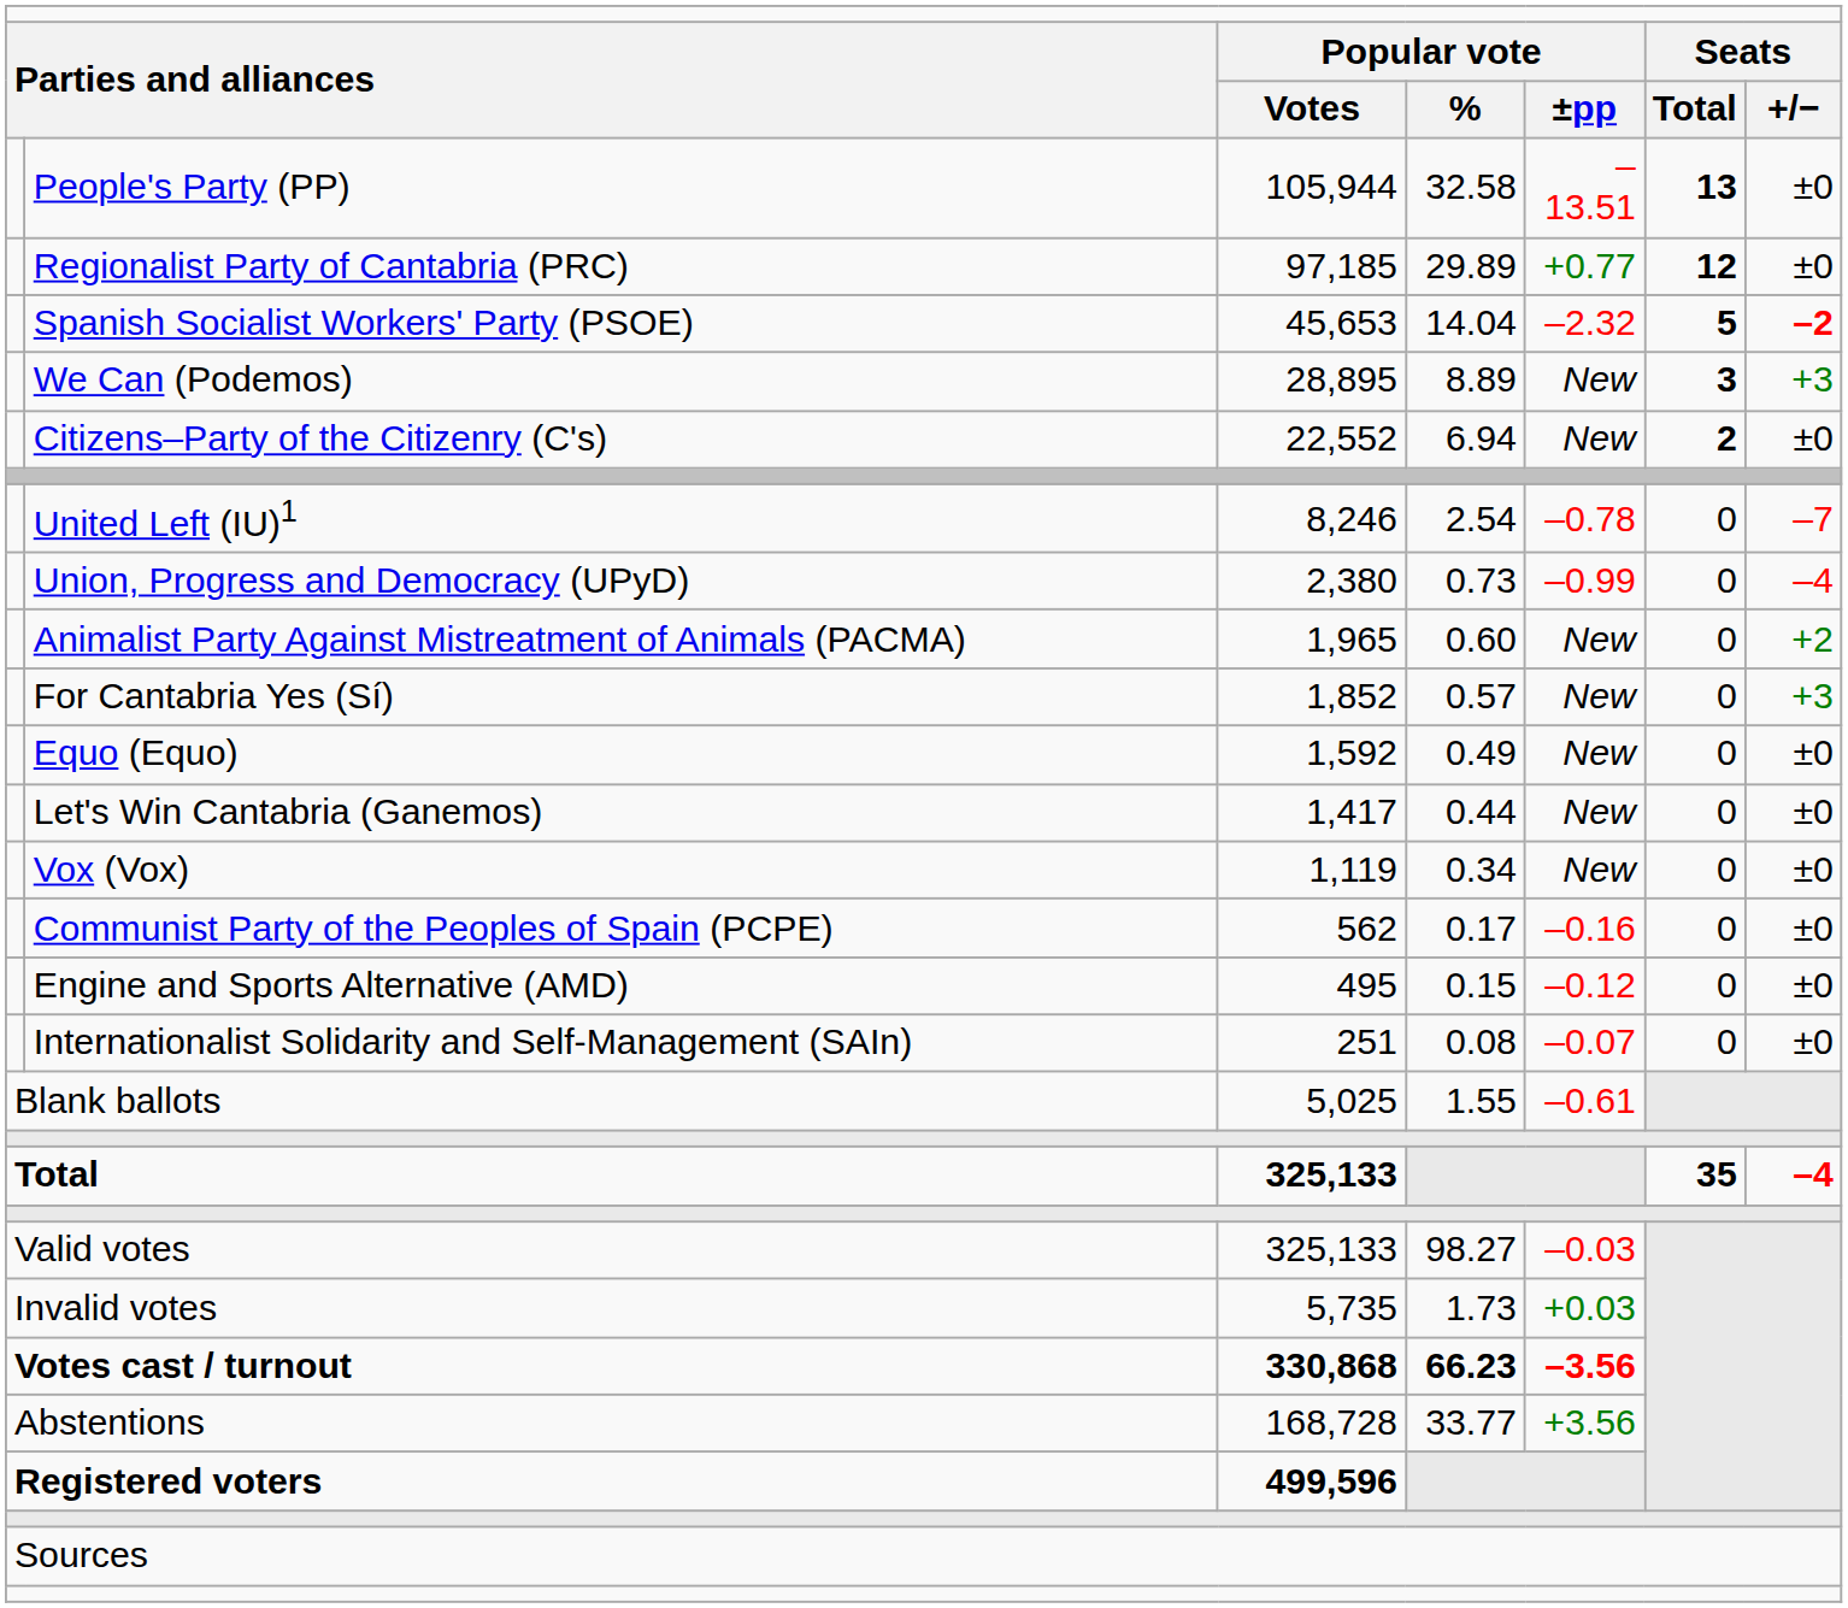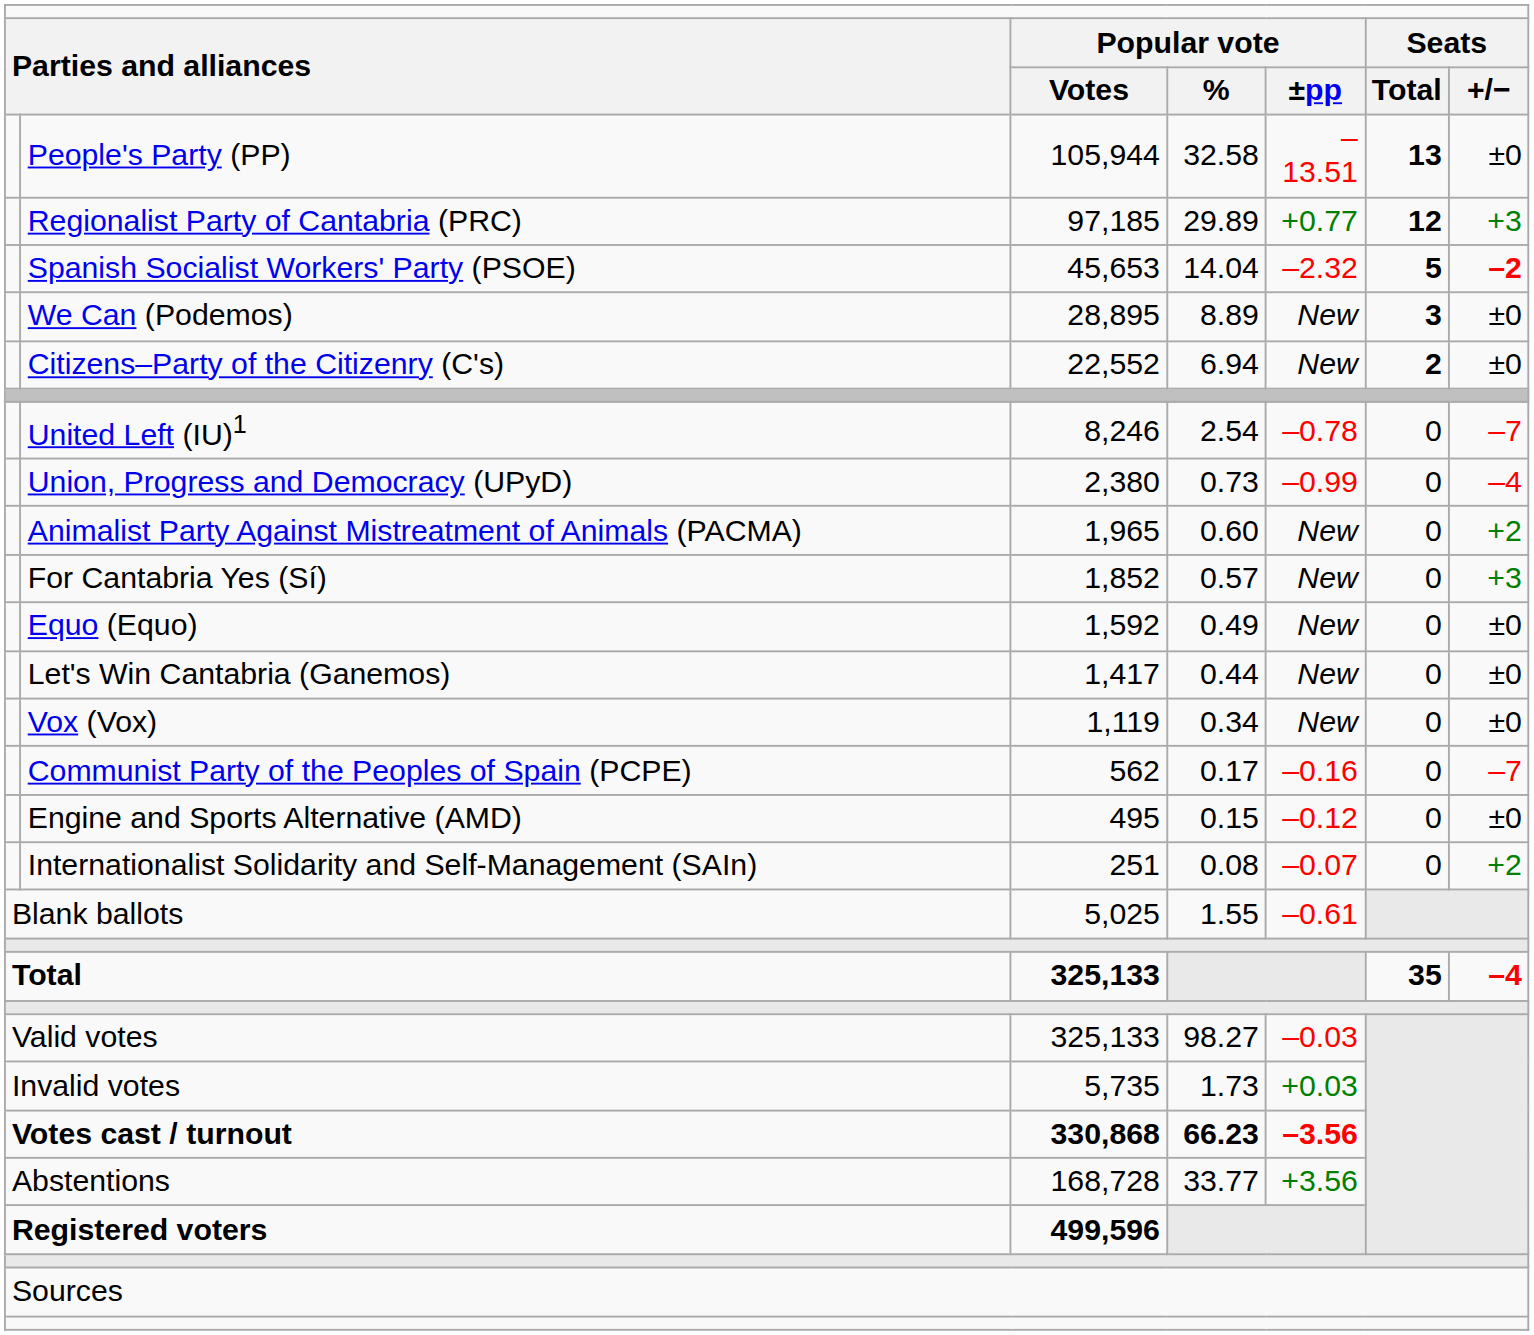 <table class="wikitable" style="text-align:right;">
 <tr>
 <td colspan="7"></td>
 </tr>
 <tr>
 <th style="text-align:left;" rowspan="2" colspan="2" width="525">Parties and alliances</th>
 <th colspan="3">Popular vote</th>
 <th colspan="2">Seats</th>
 </tr>
 <tr>
 <th width="75">Votes</th>
 <th width="45">%</th>
 <th width="45">±<a href='#'>pp</a></th>
 <th width="35">Total</th>
 <th width="35">+/−</th>
 </tr>
 <tr>
 <td width="1" style="color:inherit;background:"></td>
 <td align="left"><a href='#'>People's Party</a> (PP)</td>
 <td>105,944</td>
 <td>32.58</td>
 <td style="color:red;">–13.51</td>
 <td><strong>13</strong></td>
 <td>±0</td>
 </tr>
 <tr>
 <td style="color:inherit;background:"></td>
 <td align="left"><a href='#'>Regionalist Party of Cantabria</a> (PRC)</td>
 <td>97,185</td>
 <td>29.89</td>
 <td style="color:green;">+0.77</td>
 <td><strong>12</strong></td>
-<td>±0</td>
+<td style="color:green;">+3</td>
 </tr>
 <tr>
 <td style="color:inherit;background:"></td>
 <td align="left"><a href='#'>Spanish Socialist Workers' Party</a> (PSOE)</td>
 <td>45,653</td>
 <td>14.04</td>
 <td style="color:red;">–2.32</td>
 <td><strong>5</strong></td>
 <td style="color:red;"><strong>–2</strong></td>
 </tr>
 <tr>
 <td style="color:inherit;background:"></td>
 <td align="left"><a href='#'>We Can</a> (Podemos)</td>
 <td>28,895</td>
 <td>8.89</td>
 <td><em>New</em></td>
 <td><strong>3</strong></td>
-<td style="color:green;">+3</td>
+<td>±0</td>
 </tr>
 <tr>
 <td style="color:inherit;background:"></td>
 <td align="left"><a href='#'>Citizens–Party of the Citizenry</a> (C's)</td>
 <td>22,552</td>
 <td>6.94</td>
 <td><em>New</em></td>
 <td><strong>2</strong></td>
 <td>±0</td>
 </tr>
 <tr>
 <td colspan="7" bgcolor="#C0C0C0"></td>
 </tr>
 <tr>
 <td style="color:inherit;background:"></td>
 <td align="left"><a href='#'>United Left</a> (IU)<sup>1</sup></td>
 <td>8,246</td>
 <td>2.54</td>
 <td style="color:red;">–0.78</td>
 <td>0</td>
 <td style="color:red;">–7</td>
 </tr>
 <tr>
 <td style="color:inherit;background:"></td>
 <td align="left"><a href='#'>Union, Progress and Democracy</a> (UPyD)</td>
 <td>2,380</td>
 <td>0.73</td>
 <td style="color:red;">–0.99</td>
 <td>0</td>
 <td style="color:red;">–4</td>
 </tr>
 <tr>
 <td style="color:inherit;background:"></td>
 <td align="left"><a href='#'>Animalist Party Against Mistreatment of Animals</a> (PACMA)</td>
 <td>1,965</td>
 <td>0.60</td>
 <td><em>New</em></td>
 <td>0</td>
 <td style="color:green;">+2</td>
 </tr>
 <tr>
 <td style="color:inherit;background:"></td>
 <td align="left">For Cantabria Yes (Sí)</td>
 <td>1,852</td>
 <td>0.57</td>
 <td><em>New</em></td>
 <td>0</td>
 <td style="color:green;">+3</td>
 </tr>
 <tr>
 <td style="color:inherit;background:"></td>
 <td align="left"><a href='#'>Equo</a> (Equo)</td>
 <td>1,592</td>
 <td>0.49</td>
 <td><em>New</em></td>
 <td>0</td>
 <td>±0</td>
 </tr>
 <tr>
 <td style="color:inherit;background:"></td>
 <td align="left">Let's Win Cantabria (Ganemos)</td>
 <td>1,417</td>
 <td>0.44</td>
 <td><em>New</em></td>
 <td>0</td>
 <td>±0</td>
 </tr>
 <tr>
 <td style="color:inherit;background:"></td>
 <td align="left"><a href='#'>Vox</a> (Vox)</td>
 <td>1,119</td>
 <td>0.34</td>
 <td><em>New</em></td>
 <td>0</td>
 <td>±0</td>
 </tr>
 <tr>
 <td style="color:inherit;background:"></td>
 <td align="left"><a href='#'>Communist Party of the Peoples of Spain</a> (PCPE)</td>
 <td>562</td>
 <td>0.17</td>
 <td style="color:red;">–0.16</td>
 <td>0</td>
-<td>±0</td>
+<td style="color:red;">–7</td>
 </tr>
 <tr>
 <td style="color:inherit;background:"></td>
 <td align="left">Engine and Sports Alternative (AMD)</td>
 <td>495</td>
 <td>0.15</td>
 <td style="color:red;">–0.12</td>
 <td>0</td>
 <td>±0</td>
 </tr>
 <tr>
 <td style="color:inherit;background:"></td>
 <td align="left">Internationalist Solidarity and Self-Management (SAIn)</td>
 <td>251</td>
 <td>0.08</td>
 <td style="color:red;">–0.07</td>
 <td>0</td>
-<td>±0</td>
+<td style="color:green;">+2</td>
 </tr>
 <tr>
 <td align="left" colspan="2">Blank ballots</td>
 <td>5,025</td>
 <td>1.55</td>
 <td style="color:red;">–0.61</td>
 <td bgcolor="#E9E9E9" colspan="2"></td>
 </tr>
 <tr>
 <td colspan="7" bgcolor="#E9E9E9"></td>
 </tr>
 <tr style="font-weight:bold;">
 <td align="left" colspan="2">Total</td>
 <td>325,133</td>
 <td bgcolor="#E9E9E9" colspan="2"></td>
 <td>35</td>
 <td style="color:red;">–4</td>
 </tr>
 <tr>
 <td colspan="7" bgcolor="#E9E9E9"></td>
 </tr>
 <tr>
 <td align="left" colspan="2">Valid votes</td>
 <td>325,133</td>
 <td>98.27</td>
 <td style="color:red;">–0.03</td>
 <td bgcolor="#E9E9E9" colspan="2" rowspan="5"></td>
 </tr>
 <tr>
 <td align="left" colspan="2">Invalid votes</td>
 <td>5,735</td>
 <td>1.73</td>
 <td style="color:green;">+0.03</td>
 </tr>
 <tr style="font-weight:bold;">
 <td align="left" colspan="2">Votes cast / turnout</td>
 <td>330,868</td>
 <td>66.23</td>
 <td style="color:red;">–3.56</td>
 </tr>
 <tr>
 <td align="left" colspan="2">Abstentions</td>
 <td>168,728</td>
 <td>33.77</td>
 <td style="color:green;">+3.56</td>
 </tr>
 <tr style="font-weight:bold;">
 <td align="left" colspan="2">Registered voters</td>
 <td>499,596</td>
 <td bgcolor="#E9E9E9" colspan="2"></td>
 </tr>
 <tr>
 <td colspan="7" bgcolor="#E9E9E9"></td>
 </tr>
 <tr>
 <td align="left" colspan="7">Sources</td>
 </tr>
 <tr>
 <td colspan="7" style="text-align:left; max-width:790px;"></td>
 </tr>
 </table>
